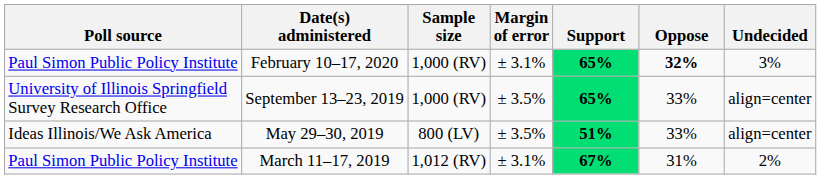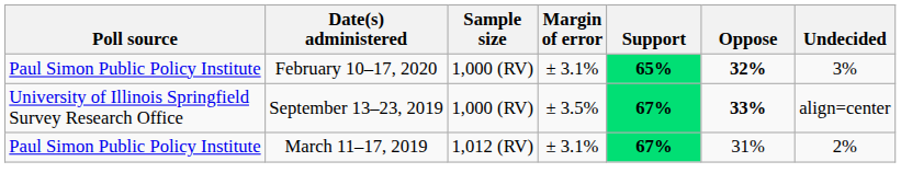 <table class="wikitable">
 <tr valign=bottom>
 <th>Poll source</th>
 <th>Date(s)<br>administered</th>
 <th>Sample<br>size</th>
 <th>Margin<br>of error</th>
 <th style="width:75px;">Support</th>
 <th style="width:75px;">Oppose</th>
 <th style="width:75px;">Undecided</th>
 </tr>
 <tr>
 <td><a href='#'>Paul Simon Public Policy Institute</a></td>
 <td align=center>February 10–17, 2020</td>
 <td align=center>1,000 (RV)</td>
 <td align=center>± 3.1%</td>
 <td style="background: rgb(1,223,116);" align=center><strong>65%</strong></td>
 <td align=center><strong>32%</strong></td>
 <td align=center>3%</td>
 </tr>
 <tr>
 <td><a href='#'>University of Illinois Springfield</a><br>Survey Research Office</td>
 <td align=center>September 13–23, 2019</td>
 <td align=center>1,000 (RV)</td>
 <td align=center>± 3.5%</td>
-<td style="background: rgb(1,223,116);" align=center><strong>65%</strong></td>
-<td align=center>33%</td>
-<td>align=center </td>
-</tr>
-<tr>
-<td>Ideas Illinois/We Ask America</td>
-<td align=center>May 29–30, 2019</td>
-<td align=center>800 (LV)</td>
-<td align=center>± 3.5%</td>
-<td style="background: rgb(1,223,116);" align=center><strong>51%</strong></td>
-<td align=center>33%</td>
+<td style="background: rgb(1,223,116);" align=center><strong>67%</strong></td>
+<td align=center><strong>33%</strong></td>
 <td>align=center </td>
 </tr>
 <tr>
 <td><a href='#'>Paul Simon Public Policy Institute</a></td>
 <td align=center>March 11–17, 2019</td>
 <td align=center>1,012 (RV)</td>
 <td align=center>± 3.1%</td>
 <td style="background: rgb(1,223,116);" align=center><strong>67%</strong></td>
 <td align=center>31%</td>
 <td align=center>2%</td>
 </tr>
 </table>
